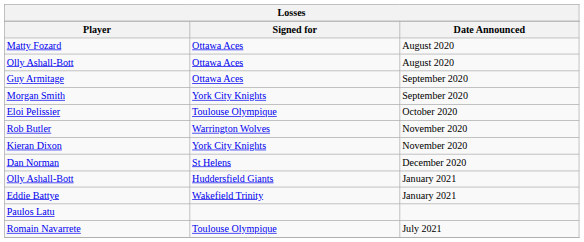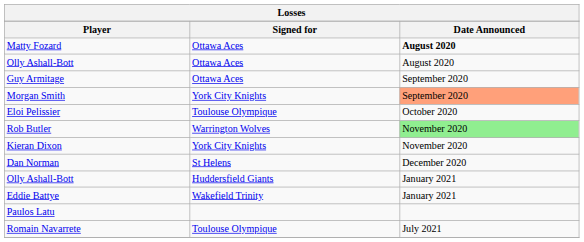 <table class="wikitable" width="65%" style="font-size:90%">
 <tr bgcolor="#efefef">
 <th colspan=11>Losses</th>
 </tr>
 <tr bgcolor="#efefef">
 </tr>
 <tr>
 <th>Player</th>
 <th>Signed for</th>
 <th>Date Announced</th>
 </tr>
 <tr>
 <td> <a href='#'>Matty Fozard</a></td>
 <td><a href='#'>Ottawa Aces</a></td>
-<td>August 2020</td>
+<td><strong>August 2020</strong></td>
 </tr>
 <tr>
 <td> <a href='#'>Olly Ashall-Bott</a></td>
 <td><a href='#'>Ottawa Aces</a></td>
 <td>August 2020</td>
 </tr>
 <tr>
 <td> <a href='#'>Guy Armitage</a></td>
 <td><a href='#'>Ottawa Aces</a></td>
 <td>September 2020</td>
 </tr>
 <tr>
 <td> <a href='#'>Morgan Smith</a></td>
 <td><a href='#'>York City Knights</a></td>
-<td>September 2020</td>
+<td style="background: lightsalmon;">September 2020</td>
 </tr>
 <tr>
 <td> <a href='#'>Eloi Pelissier</a></td>
 <td><a href='#'>Toulouse Olympique</a></td>
 <td>October 2020</td>
 </tr>
 <tr>
 <td> <a href='#'>Rob Butler</a></td>
 <td><a href='#'>Warrington Wolves</a></td>
-<td>November 2020</td>
+<td style="background: lightgreen;">November 2020</td>
 </tr>
 <tr>
 <td> <a href='#'>Kieran Dixon</a></td>
 <td><a href='#'>York City Knights</a></td>
 <td>November 2020</td>
 </tr>
 <tr>
 <td> <a href='#'>Dan Norman</a></td>
 <td><a href='#'>St Helens</a></td>
 <td>December 2020</td>
 </tr>
 <tr>
 <td> <a href='#'>Olly Ashall-Bott</a></td>
 <td><a href='#'>Huddersfield Giants</a></td>
 <td>January 2021</td>
 </tr>
 <tr>
 <td> <a href='#'>Eddie Battye</a></td>
 <td><a href='#'>Wakefield Trinity</a></td>
 <td>January 2021</td>
 </tr>
 <tr>
 <td> <a href='#'>Paulos Latu</a></td>
 <td></td>
 <td></td>
 </tr>
 <tr>
 <td> <a href='#'>Romain Navarrete</a></td>
 <td><a href='#'>Toulouse Olympique</a></td>
 <td>July 2021</td>
 </tr>
 <tr>
 </tr>
 </table>
